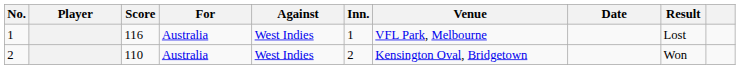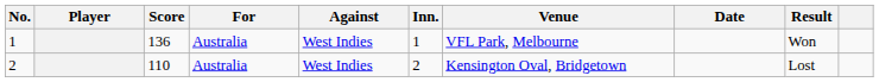 <table class="wikitable plainrowheaders sortable">
 <tr>
 <th scope="col" width="20">No.</th>
 <th scope="col" width="110">Player</th>
 <th scope="col" width="40">Score</th>
 <th scope="col" width="110">For</th>
 <th scope="col" width="110">Against</th>
 <th scope="col" width="20">Inn.</th>
 <th scope="col" width="240">Venue</th>
 <th scope="col" width="110">Date</th>
 <th scope="col" width="50">Result</th>
 <th scope="col" class="unsortable" width="30"></th>
 </tr>
 <tr>
 <td>1</td>
 <th scope="row"></th>
-<td>116</td>
+<td>136</td>
 <td> <a href='#'>Australia</a></td>
 <td> <a href='#'>West Indies</a></td>
 <td>1</td>
 <td><a href='#'>VFL Park</a>, <a href='#'>Melbourne</a></td>
 <td></td>
-<td>Lost</td>
+<td>Won</td>
 <td></td>
 </tr>
 <tr>
 <td>2</td>
 <th scope="row"></th>
 <td>110</td>
 <td> <a href='#'>Australia</a></td>
 <td> <a href='#'>West Indies</a></td>
 <td>2</td>
 <td><a href='#'>Kensington Oval</a>, <a href='#'>Bridgetown</a></td>
 <td></td>
-<td>Won</td>
+<td>Lost</td>
 <td></td>
 </tr>
 </table>
